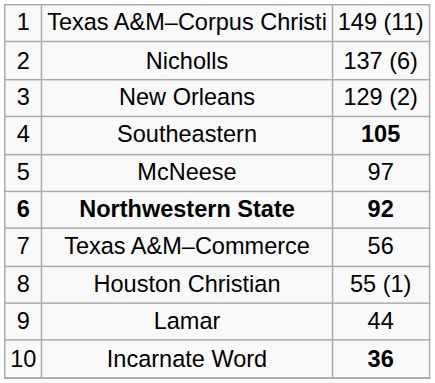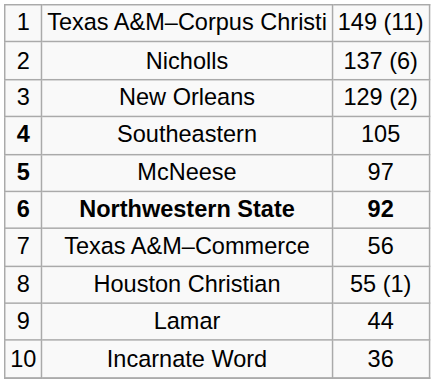 <table class="wikitable">
 <tr align="center">
 <td>1</td>
 <td>Texas A&M–Corpus Christi</td>
 <td>149 (11)</td>
 </tr>
 <tr align="center">
 <td>2</td>
 <td>Nicholls</td>
 <td>137 (6)</td>
 </tr>
 <tr align="center">
 <td>3</td>
 <td>New Orleans</td>
 <td>129 (2)</td>
 </tr>
 <tr align="center">
-<td>4</td>
+<td><strong>4</strong></td>
 <td>Southeastern</td>
-<td><strong>105</strong></td>
+<td>105</td>
 </tr>
 <tr align="center">
-<td>5</td>
+<td><strong>5</strong></td>
 <td>McNeese</td>
 <td>97</td>
 </tr>
 <tr align="center">
 <td><strong>6</strong></td>
 <td><strong>Northwestern State</strong></td>
 <td><strong>92</strong></td>
 </tr>
 <tr align="center">
 <td>7</td>
 <td>Texas A&M–Commerce</td>
 <td>56</td>
 </tr>
 <tr align="center">
 <td>8</td>
 <td>Houston Christian</td>
 <td>55 (1)</td>
 </tr>
 <tr align="center">
 <td>9</td>
 <td>Lamar</td>
 <td>44</td>
 </tr>
 <tr align="center">
 <td>10</td>
 <td>Incarnate Word</td>
-<td><strong>36</strong></td>
+<td>36</td>
 </tr>
 <tr align="center">
 </tr>
 </table>
